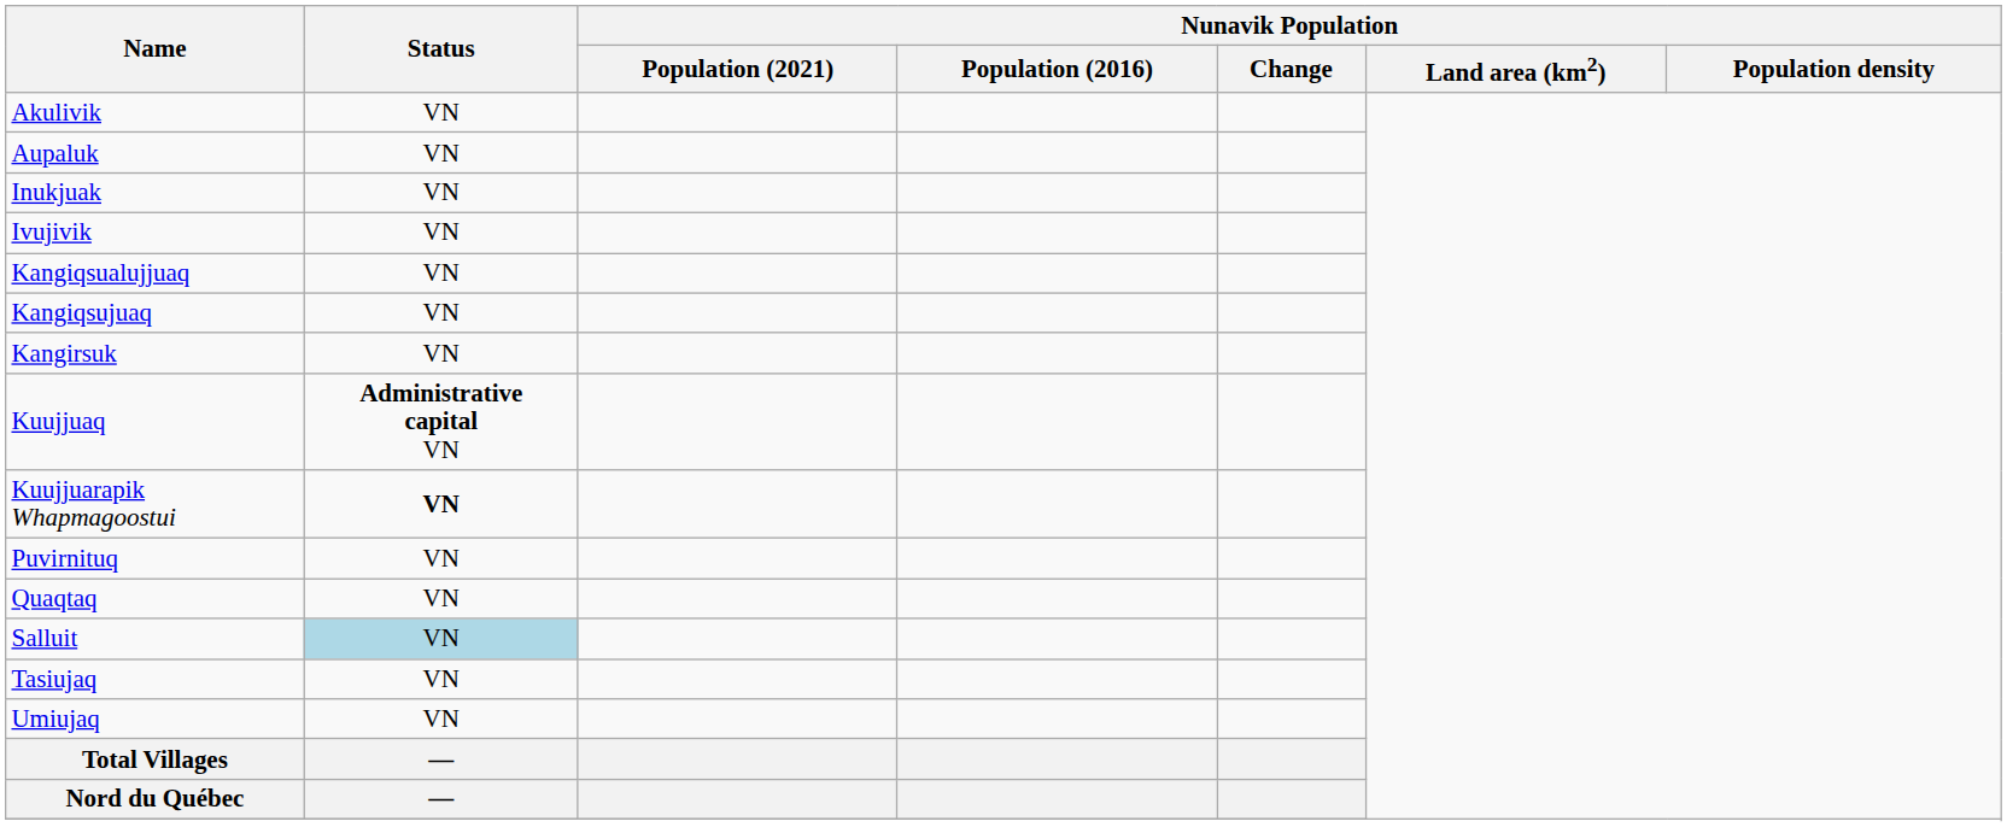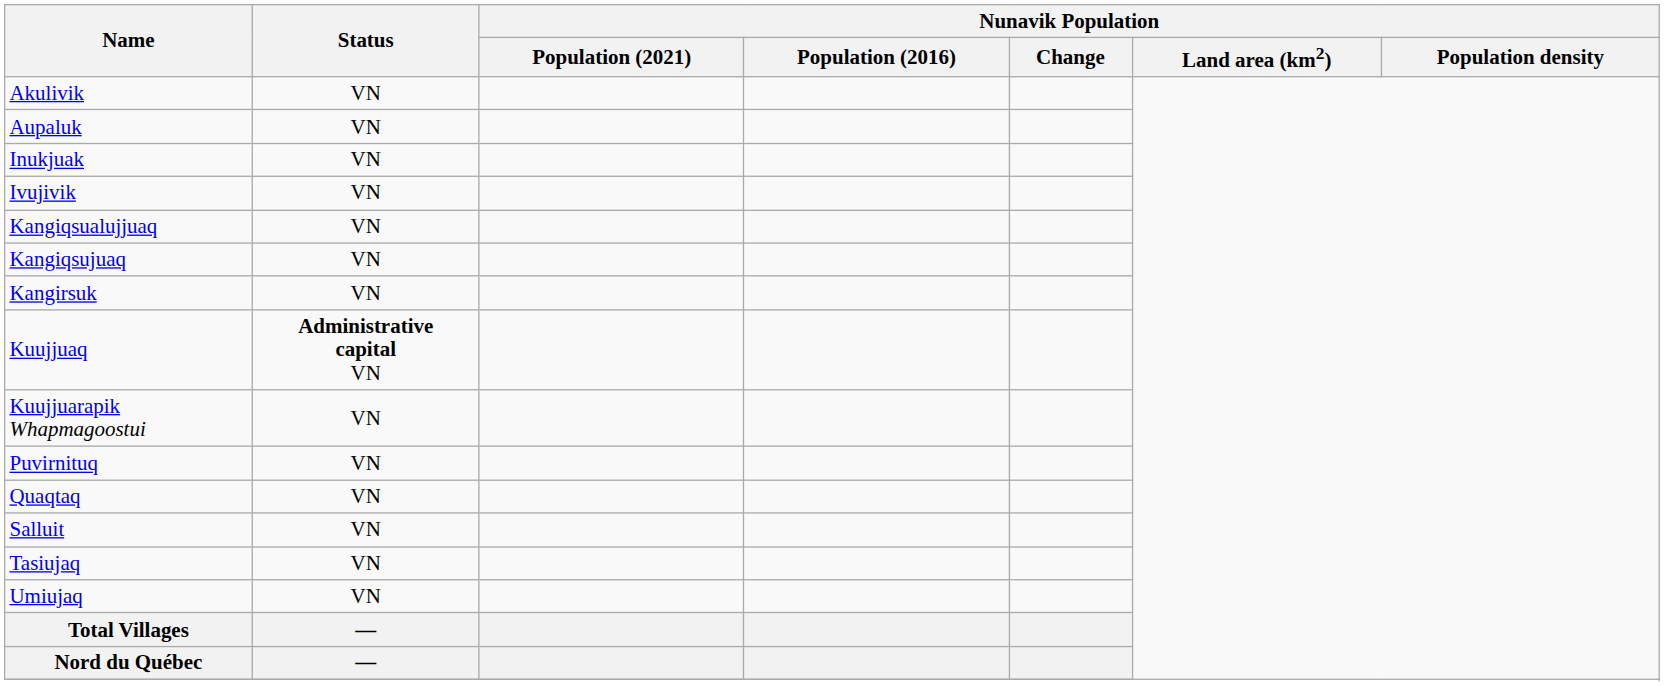 <table class="wikitable sortable" style="font-size: 100%; width:100%; text-align: center">
 <tr>
 <th scope="col" rowspan=2>Name</th>
 <th scope="col" rowspan=2>Status</th>
 <th scope="col" colspan=5>Nunavik Population</th>
 </tr>
 <tr>
 <th scope="col">Population (2021)</th>
 <th scope="col">Population (2016)</th>
 <th scope="col">Change</th>
 <th scope="col">Land area (km<sup>2</sup>)</th>
 <th scope="col" data-sort-type="number">Population density</th>
 </tr>
 <tr>
 <td scope="row" align=left><a href='#'>Akulivik</a></td>
 <td>VN</td>
 <td></td>
 <td></td>
 <td></td>
 </tr>
 <tr>
 <td scope="row" align=left><a href='#'>Aupaluk</a></td>
 <td>VN</td>
 <td></td>
 <td></td>
 <td></td>
 </tr>
 <tr>
 <td scope="row" align=left><a href='#'>Inukjuak</a></td>
 <td>VN</td>
 <td></td>
 <td></td>
 <td></td>
 </tr>
 <tr>
 <td scope="row" align=left><a href='#'>Ivujivik</a></td>
 <td>VN</td>
 <td></td>
 <td></td>
 <td></td>
 </tr>
 <tr>
 <td scope="row" align=left><a href='#'>Kangiqsualujjuaq</a></td>
 <td>VN</td>
 <td></td>
 <td></td>
 <td></td>
 </tr>
 <tr>
 <td scope="row" align=left><a href='#'>Kangiqsujuaq</a></td>
 <td>VN</td>
 <td></td>
 <td></td>
 <td></td>
 </tr>
 <tr>
 <td scope="row" align=left><a href='#'>Kangirsuk</a></td>
 <td>VN</td>
 <td></td>
 <td></td>
 <td></td>
 </tr>
 <tr>
 <td scope="row" align=left><a href='#'>Kuujjuaq</a></td>
 <td><strong>Administrative<br>capital</strong><br>VN</td>
 <td></td>
 <td></td>
 <td></td>
 </tr>
 <tr>
 <td scope="row" align=left><a href='#'>Kuujjuarapik</a><br><em>Whapmagoostui</em></td>
-<td><strong>VN</strong></td>
+<td>VN</td>
 <td></td>
 <td></td>
 <td></td>
 </tr>
 <tr>
 <td scope="row" align=left><a href='#'>Puvirnituq</a></td>
 <td>VN</td>
 <td></td>
 <td></td>
 <td></td>
 </tr>
 <tr>
 <td scope="row" align=left><a href='#'>Quaqtaq</a></td>
 <td>VN</td>
 <td></td>
 <td></td>
 <td></td>
 </tr>
 <tr>
 <td scope="row" align=left><a href='#'>Salluit</a></td>
-<td style="background: lightblue;">VN</td>
+<td>VN</td>
 <td></td>
 <td></td>
 <td></td>
 </tr>
 <tr>
 <td scope="row" align=left><a href='#'>Tasiujaq</a></td>
 <td>VN</td>
 <td></td>
 <td></td>
 <td></td>
 </tr>
 <tr>
 <td scope="row" align=left><a href='#'>Umiujaq</a></td>
 <td>VN</td>
 <td></td>
 <td></td>
 <td></td>
 </tr>
 <tr class="sortbottom" align="center" style="background-color:#f2f2f2" |>
 <td scope="col" align="center"><strong>Total Villages</strong></td>
 <td scope="col" align="center"><strong>—</strong></td>
 <td></td>
 <td scope="col" align="center"><strong></strong></td>
 <td scope="col" align="center"><strong></strong></td>
 </tr>
 <tr class="sortbottom" align="center" style="background-color:#f2f2f2" |>
 <th scope="col" align="center"><strong>Nord du Québec</strong></th>
 <td scope="col" align="center"><strong>—</strong></td>
 <td></td>
 <th scope="col" align="center"><strong></strong></th>
 <td scope="col" align="center"><strong></strong></td>
 </tr>
 <tr>
 </tr>
 </table>
